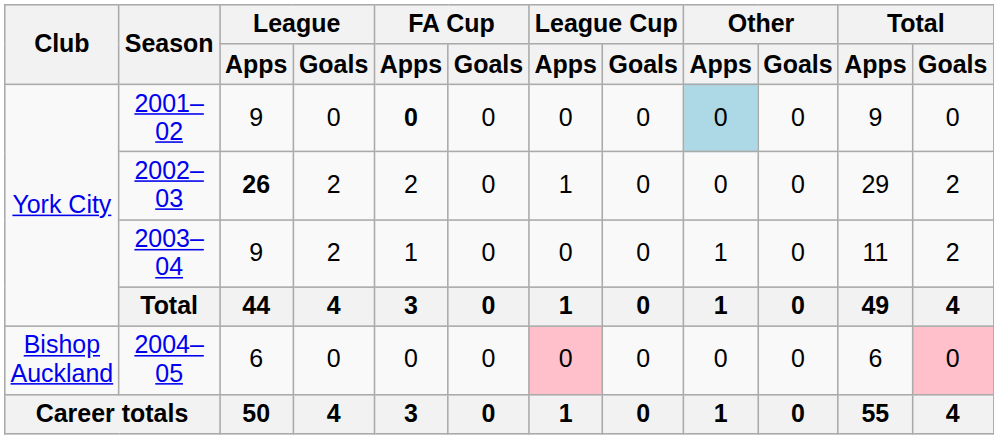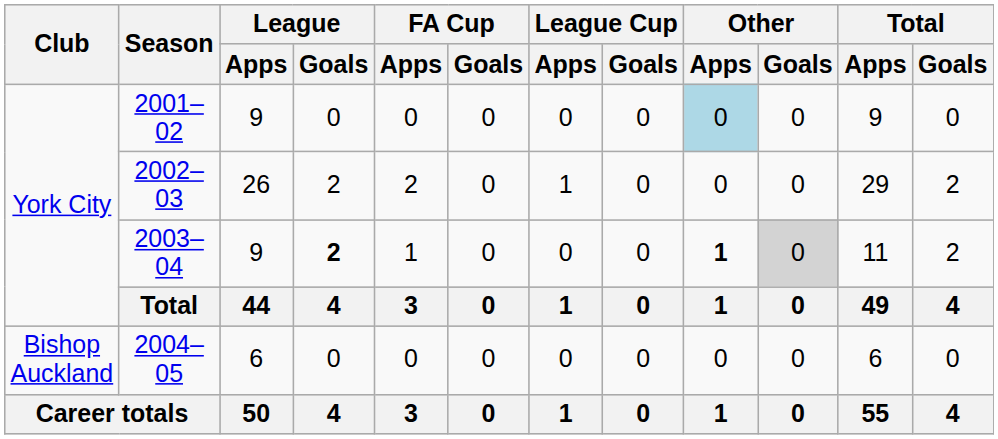 <table class="wikitable" style="text-align: center;">
 <tr>
 <th rowspan="2">Club</th>
 <th rowspan="2">Season</th>
 <th colspan="2">League</th>
 <th colspan="2">FA Cup</th>
 <th colspan="2">League Cup</th>
 <th colspan="2">Other</th>
 <th colspan="2">Total</th>
 </tr>
 <tr>
 <th>Apps</th>
 <th>Goals</th>
 <th>Apps</th>
 <th>Goals</th>
 <th>Apps</th>
 <th>Goals</th>
 <th>Apps</th>
 <th>Goals</th>
 <th>Apps</th>
 <th>Goals</th>
 </tr>
 <tr>
 <td rowspan="4" valign="center"><a href='#'>York City</a></td>
 <td><a href='#'>2001–02</a></td>
 <td>9</td>
 <td>0</td>
-<td><strong>0</strong></td>
+<td>0</td>
 <td>0</td>
 <td>0</td>
 <td>0</td>
 <td style="background: lightblue;">0</td>
 <td>0</td>
 <td>9</td>
 <td>0</td>
 </tr>
 <tr>
 <td><a href='#'>2002–03</a></td>
-<td><strong>26</strong></td>
+<td>26</td>
 <td>2</td>
 <td>2</td>
 <td>0</td>
 <td>1</td>
 <td>0</td>
 <td>0</td>
 <td>0</td>
 <td>29</td>
 <td>2</td>
 </tr>
 <tr>
 <td><a href='#'>2003–04</a></td>
 <td>9</td>
-<td>2</td>
+<td><strong>2</strong></td>
 <td>1</td>
 <td>0</td>
 <td>0</td>
 <td>0</td>
-<td>1</td>
-<td>0</td>
+<td><strong>1</strong></td>
+<td style="background: lightgrey;">0</td>
 <td>11</td>
 <td>2</td>
 </tr>
 <tr>
 <th>Total</th>
 <th>44</th>
 <th>4</th>
 <th>3</th>
 <th>0</th>
 <th>1</th>
 <th>0</th>
 <th>1</th>
 <th>0</th>
 <th>49</th>
 <th>4</th>
 </tr>
 <tr>
 <td rowspan="1" valign="center"><a href='#'>Bishop Auckland</a></td>
 <td><a href='#'>2004–05</a></td>
 <td>6</td>
 <td>0</td>
 <td>0</td>
 <td>0</td>
-<td style="background: pink;">0</td>
+<td>0</td>
 <td>0</td>
 <td>0</td>
 <td>0</td>
 <td>6</td>
-<td style="background: pink;">0</td>
+<td>0</td>
 </tr>
 <tr>
 <th colspan="2">Career totals</th>
 <th>50</th>
 <th>4</th>
 <th>3</th>
 <th>0</th>
 <th>1</th>
 <th>0</th>
 <th>1</th>
 <th>0</th>
 <th>55</th>
 <th>4</th>
 </tr>
 </table>
